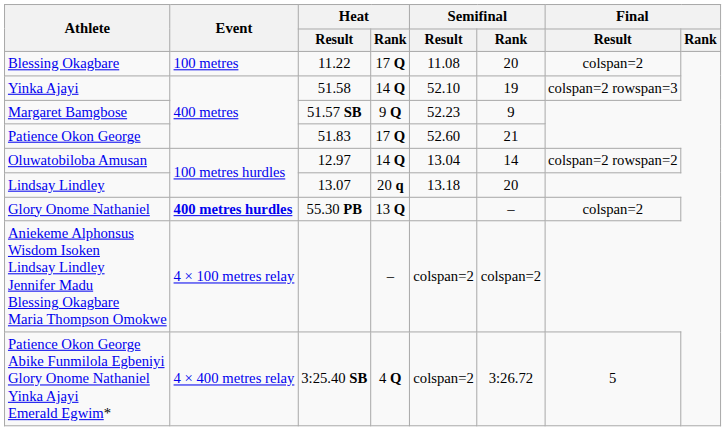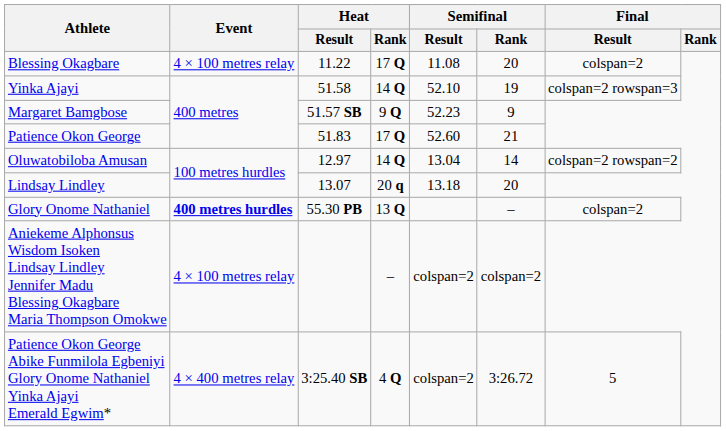 <table class="wikitable" style="font-size:90%">
 <tr>
 <th rowspan="2">Athlete</th>
 <th rowspan="2">Event</th>
 <th colspan="2">Heat</th>
 <th colspan="2">Semifinal</th>
 <th colspan="2">Final</th>
 </tr>
 <tr style="font-size:95%">
 <th>Result</th>
 <th>Rank</th>
 <th>Result</th>
 <th>Rank</th>
 <th>Result</th>
 <th>Rank</th>
 </tr>
 <tr style=text-align:center>
 <td style=text-align:left><a href='#'>Blessing Okagbare</a></td>
-<td style=text-align:left><a href='#'>100 metres</a></td>
+<td style=text-align:left><a href='#'>4 × 100 metres relay</a></td>
 <td>11.22</td>
 <td>17 <strong>Q</strong></td>
 <td>11.08</td>
 <td>20</td>
 <td>colspan=2 </td>
 </tr>
 <tr style=text-align:center>
 <td style=text-align:left><a href='#'>Yinka Ajayi</a></td>
 <td style=text-align:left rowspan=3><a href='#'>400 metres</a></td>
 <td>51.58</td>
 <td>14 <strong>Q</strong></td>
 <td>52.10</td>
 <td>19</td>
 <td>colspan=2 rowspan=3 </td>
 </tr>
 <tr style=text-align:center>
 <td style=text-align:left><a href='#'>Margaret Bamgbose</a></td>
 <td>51.57 <strong>SB</strong></td>
 <td>9 <strong>Q</strong></td>
 <td>52.23</td>
 <td>9</td>
 </tr>
 <tr style=text-align:center>
 <td style=text-align:left><a href='#'>Patience Okon George</a></td>
 <td>51.83</td>
 <td>17 <strong>Q</strong></td>
 <td>52.60</td>
 <td>21</td>
 </tr>
 <tr style=text-align:center>
 <td style=text-align:left><a href='#'>Oluwatobiloba Amusan</a></td>
 <td style=text-align:left rowspan=2><a href='#'>100 metres hurdles</a></td>
 <td>12.97</td>
 <td>14 <strong>Q</strong></td>
 <td>13.04</td>
 <td>14</td>
 <td>colspan=2 rowspan=2 </td>
 </tr>
 <tr style=text-align:center>
 <td style=text-align:left><a href='#'>Lindsay Lindley</a></td>
 <td>13.07</td>
 <td>20 <strong>q</strong></td>
 <td>13.18</td>
 <td>20</td>
 </tr>
 <tr style=text-align:center>
 <td style=text-align:left><a href='#'>Glory Onome Nathaniel</a></td>
 <td style=text-align:left><strong><a href='#'>400 metres hurdles</a></strong></td>
 <td>55.30 <strong>PB</strong></td>
 <td>13 <strong>Q</strong></td>
 <td></td>
 <td>–</td>
 <td>colspan=2 </td>
 </tr>
 <tr style=text-align:center>
 <td style=text-align:left><a href='#'>Aniekeme Alphonsus</a><br><a href='#'>Wisdom Isoken</a><br><a href='#'>Lindsay Lindley</a><br><a href='#'>Jennifer Madu</a><br><a href='#'>Blessing Okagbare</a><br><a href='#'>Maria Thompson Omokwe</a></td>
 <td style=text-align:left><a href='#'>4 × 100 metres relay</a></td>
 <td></td>
 <td>–</td>
 <td>colspan=2 </td>
 <td>colspan=2 </td>
 </tr>
 <tr style=text-align:center>
 <td style=text-align:left><a href='#'>Patience Okon George</a><br><a href='#'>Abike Funmilola Egbeniyi</a><br><a href='#'>Glory Onome Nathaniel</a><br><a href='#'>Yinka Ajayi</a><br><a href='#'>Emerald Egwim</a>*</td>
 <td style=text-align:left><a href='#'>4 × 400 metres relay</a></td>
 <td>3:25.40 <strong>SB</strong></td>
 <td>4 <strong>Q</strong></td>
 <td>colspan=2 </td>
 <td>3:26.72</td>
 <td>5</td>
 </tr>
 </table>
